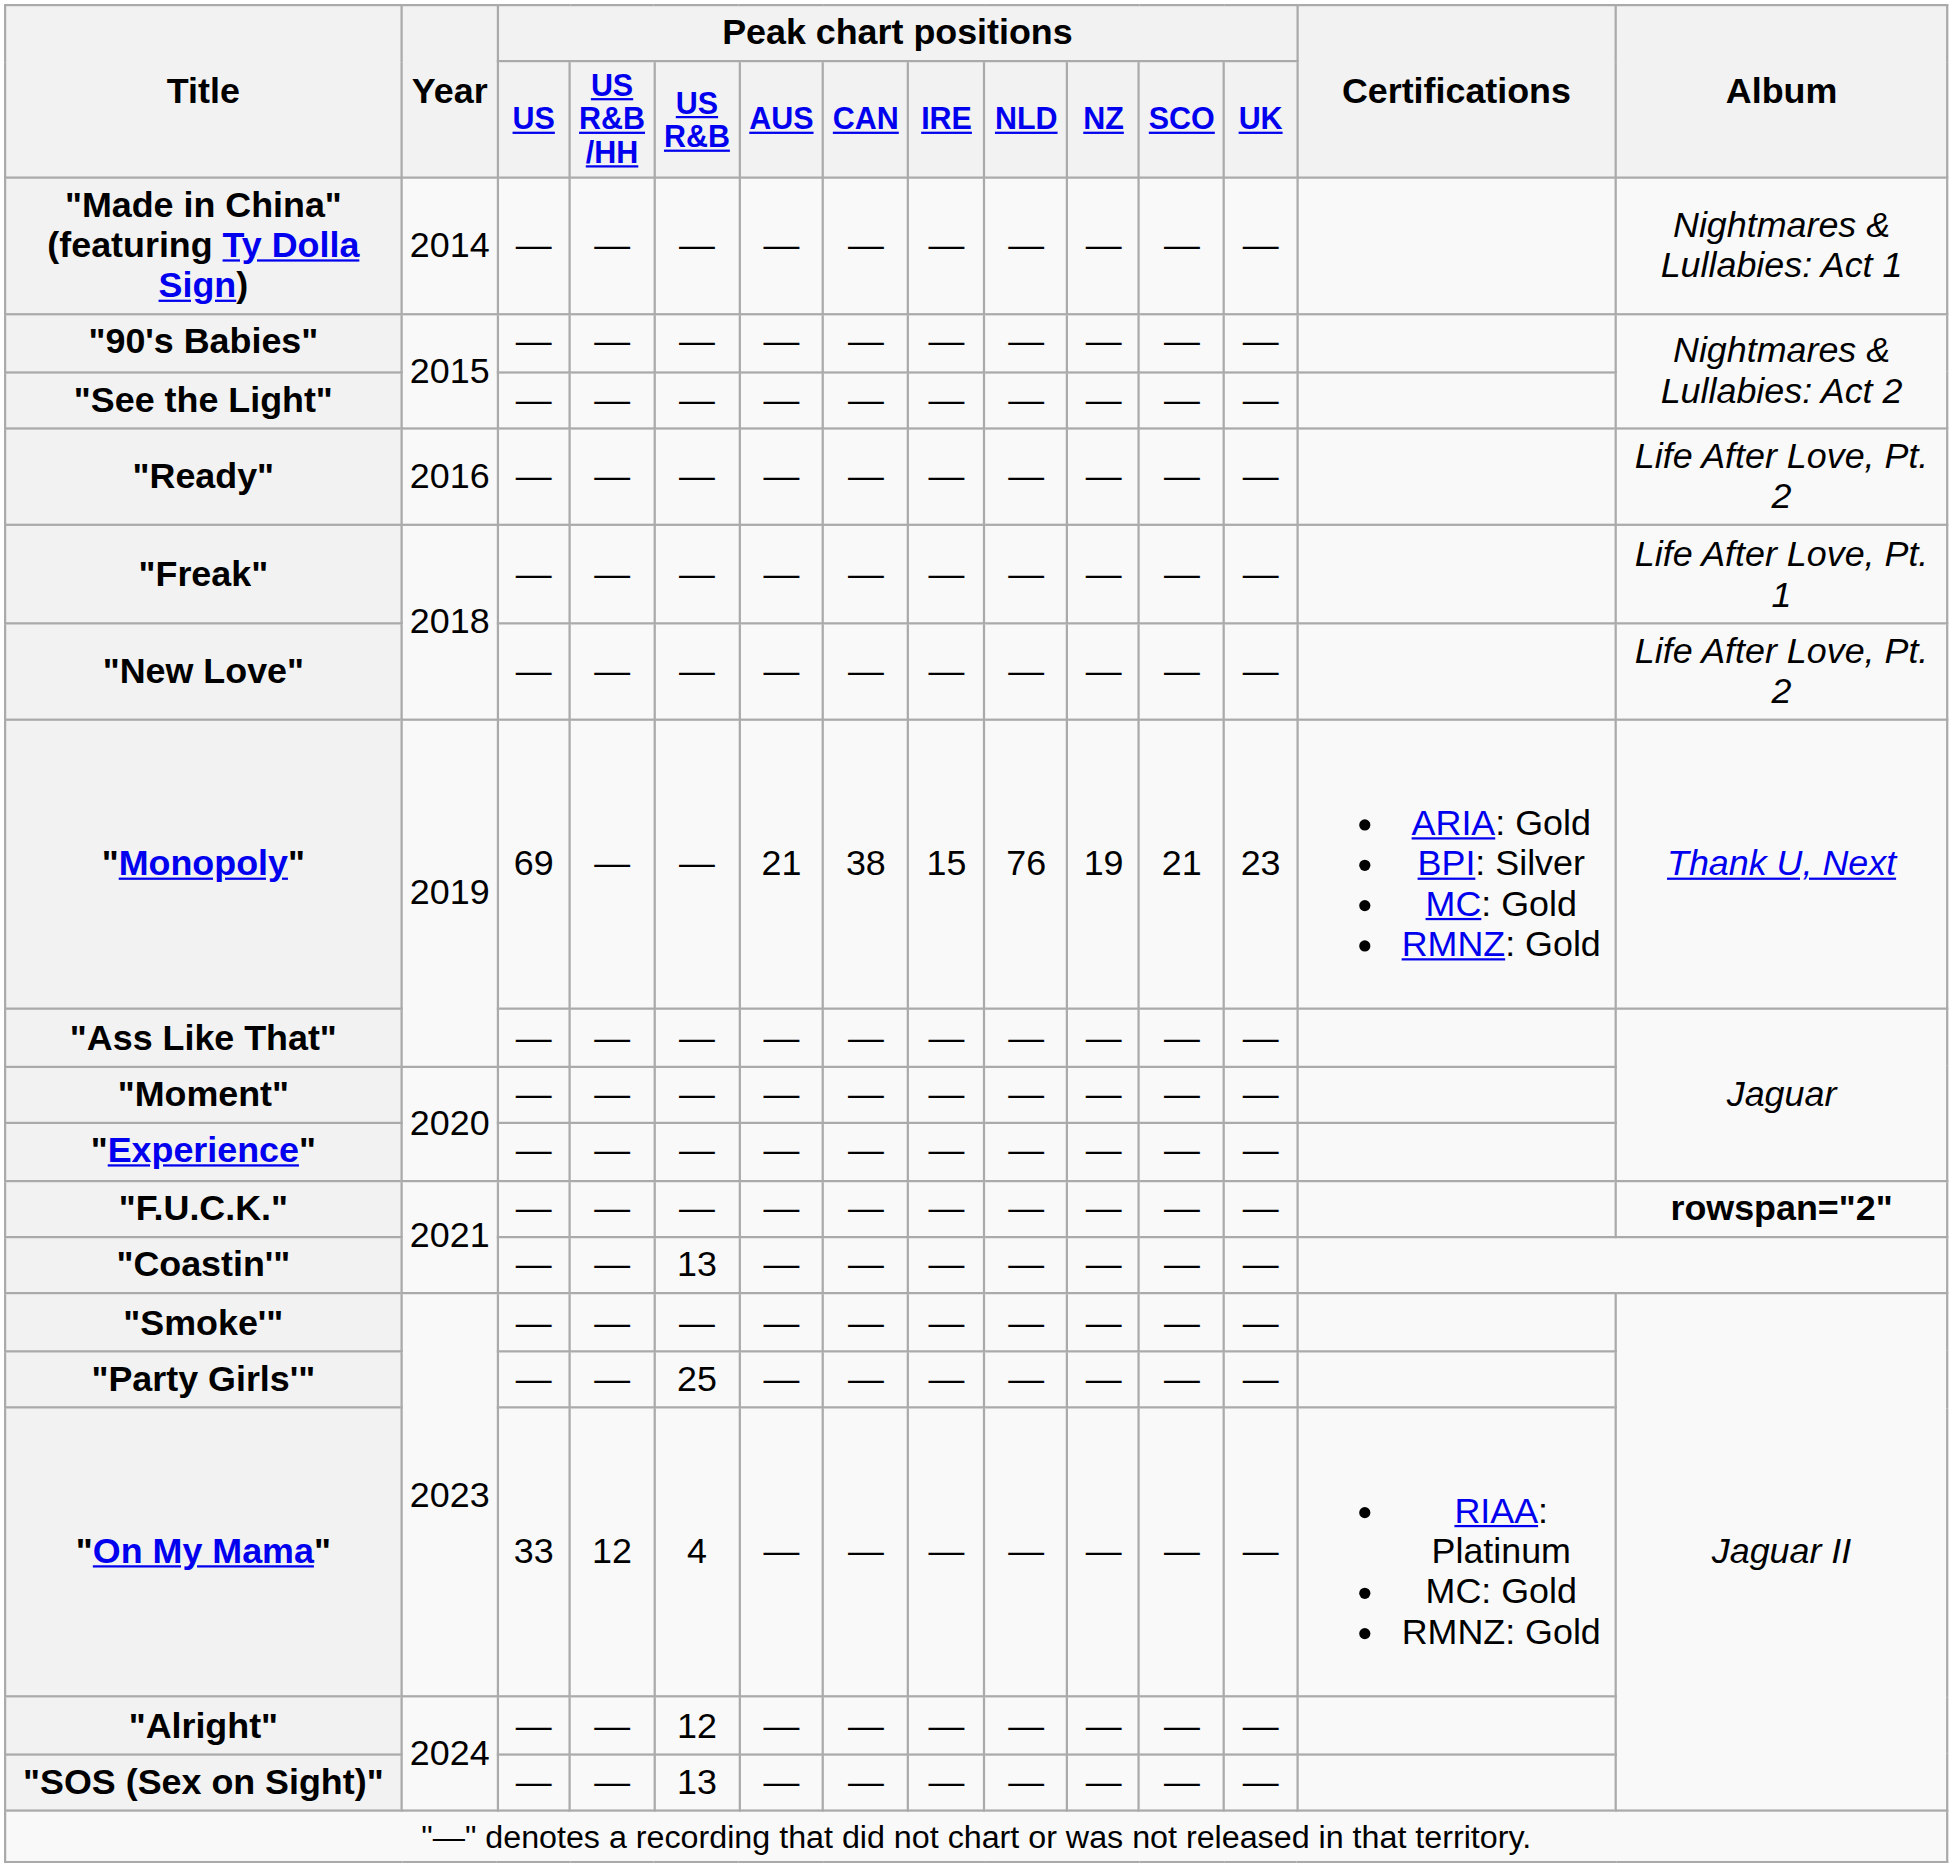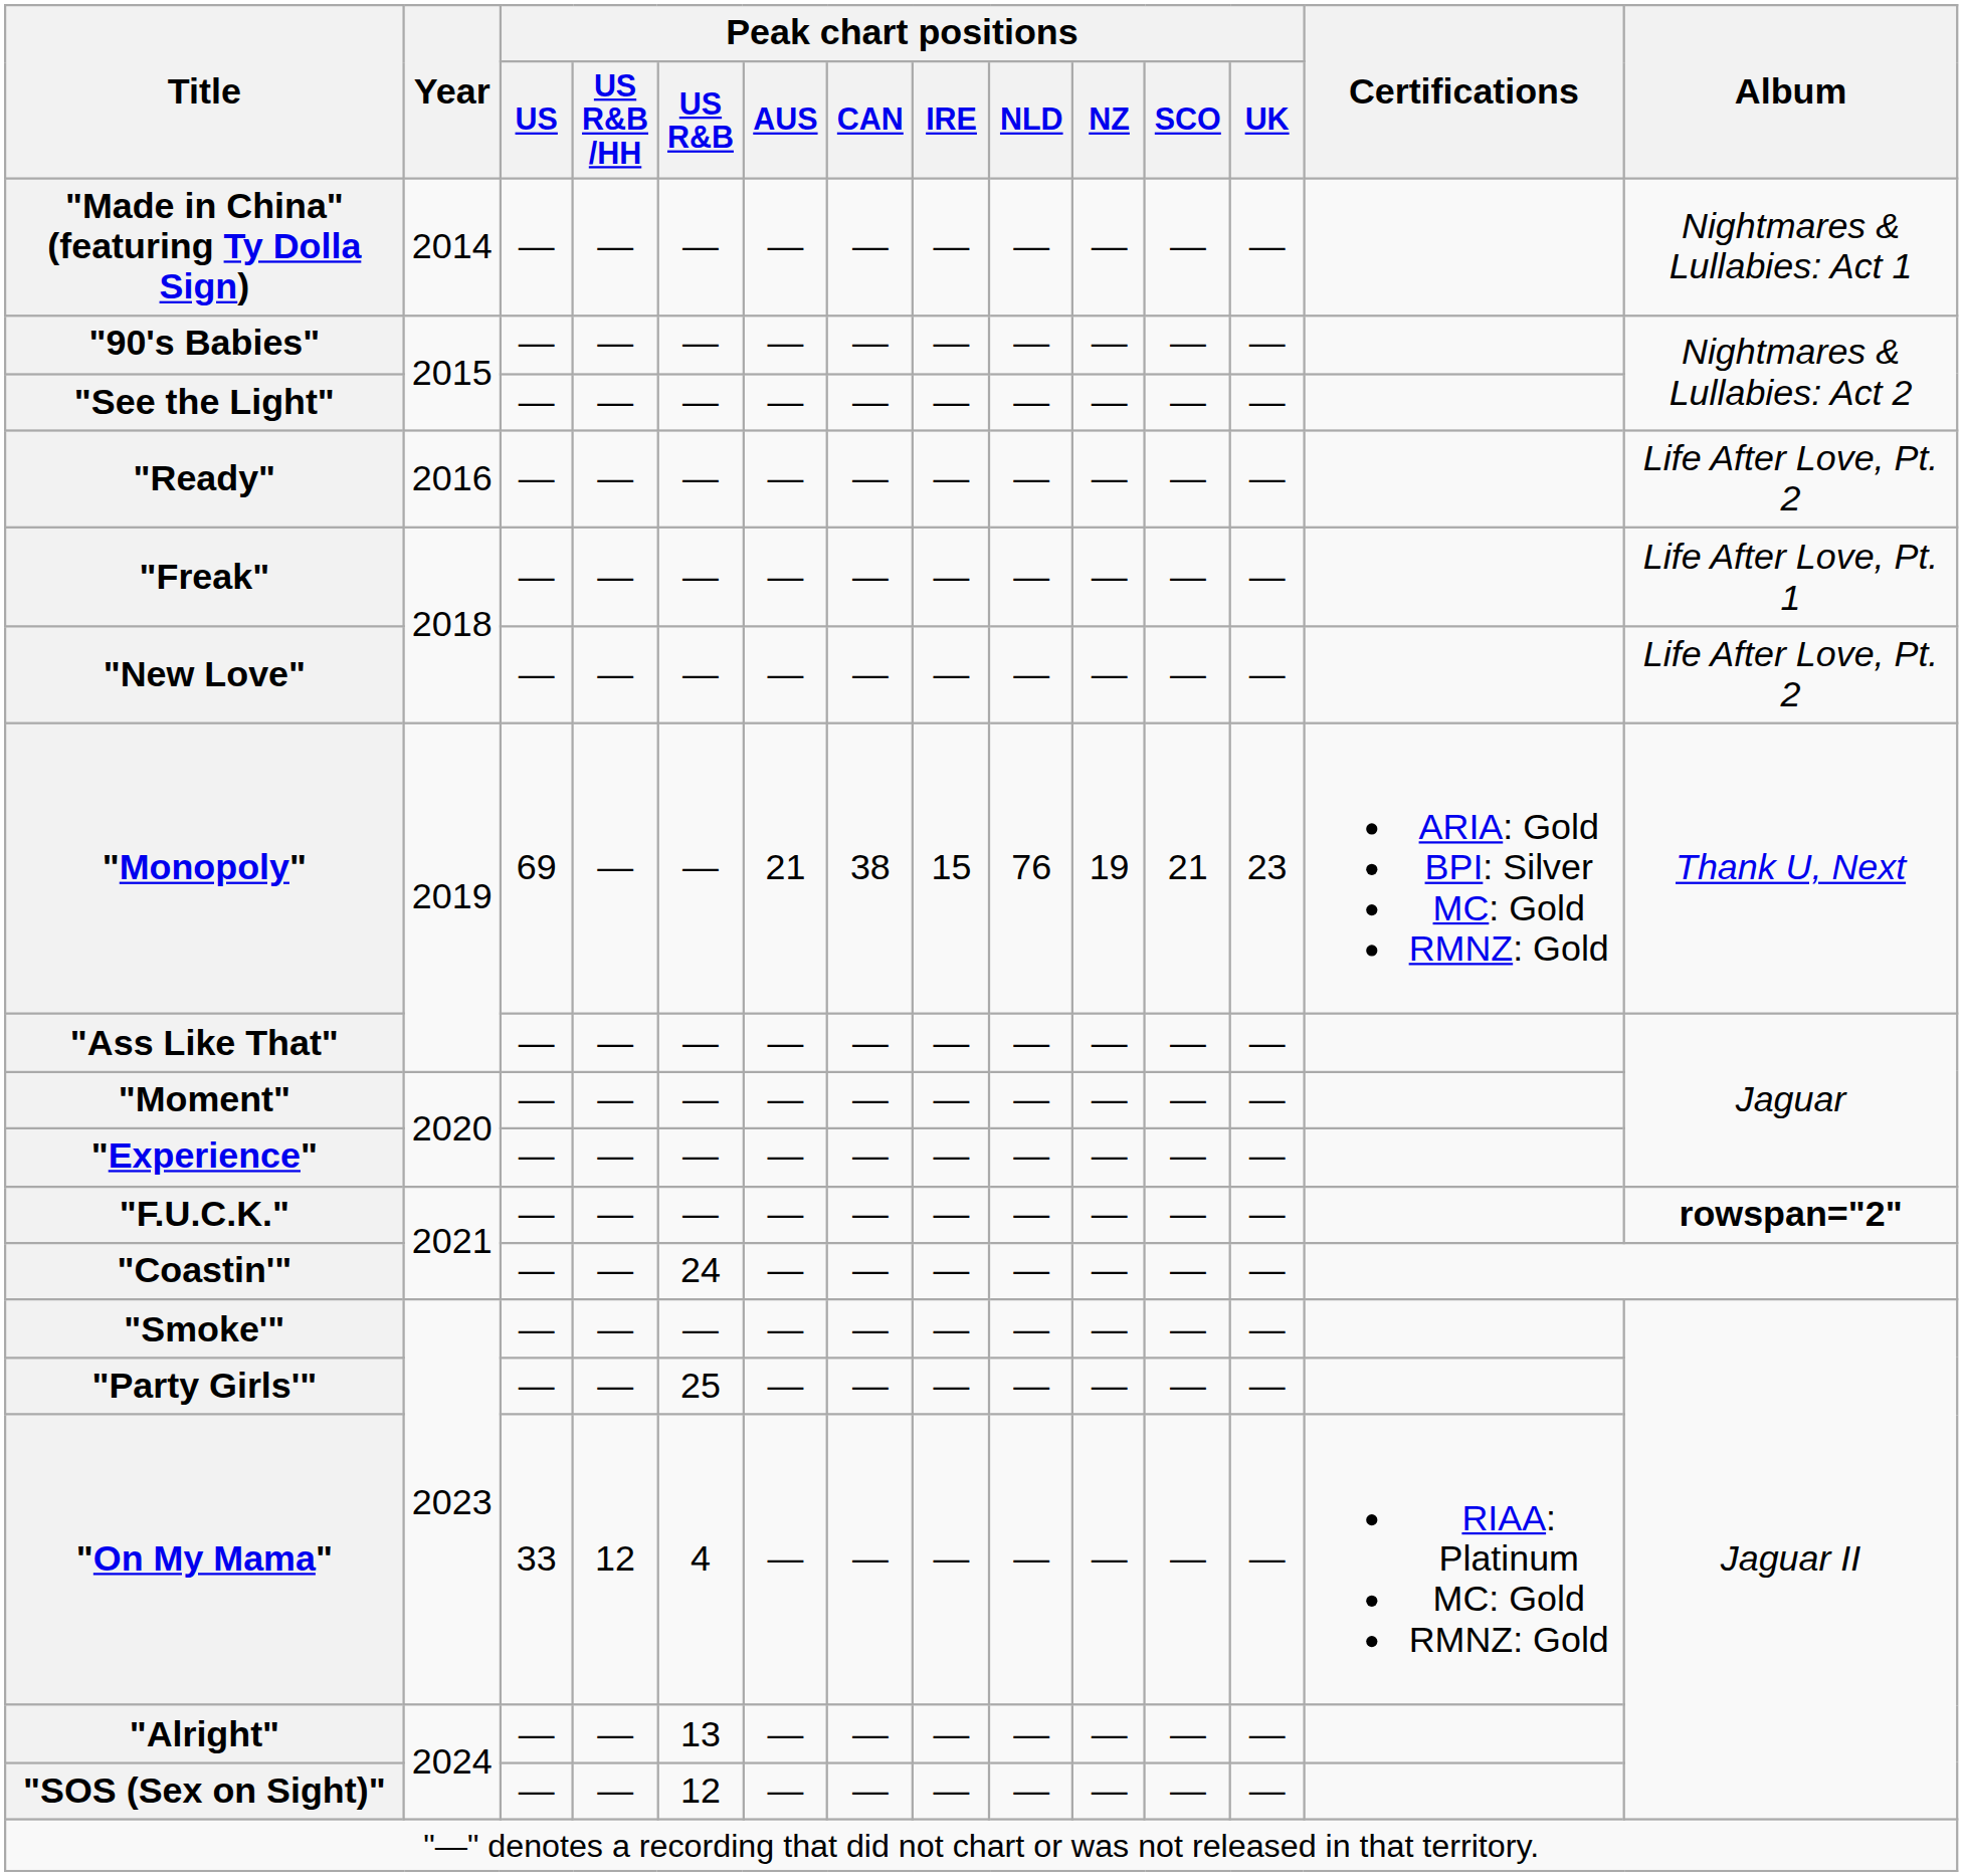 <table class="wikitable plainrowheaders" style="text-align:center;">
 <tr>
 <th scope="col" rowspan="2" style="width:16em;">Title</th>
 <th scope="col" rowspan="2">Year</th>
 <th scope="col" colspan="10">Peak chart positions</th>
 <th scope="col" rowspan="2" style="width:11em;">Certifications</th>
 <th scope="col" rowspan="2" style="width:12em;">Album</th>
 </tr>
 <tr>
 <th scope="col" style="width:2.5em;font-size:85%;"><a href='#'>US</a><br></th>
 <th scope="col" style="width:2.5em;font-size:85%;"><a href='#'>US<br>R&B<br>/HH</a><br></th>
 <th scope="col" style="width:2.5em;font-size:85%;"><a href='#'>US<br>R&B</a><br></th>
 <th scope="col" style="width:2.5em;font-size:85%;"><a href='#'>AUS</a><br></th>
 <th scope="col" style="width:2.5em;font-size:85%;"><a href='#'>CAN</a><br></th>
 <th scope="col" style="width:2.5em;font-size:85%;"><a href='#'>IRE</a><br></th>
 <th scope="col" style="width:2.5em;font-size:85%;"><a href='#'>NLD</a><br></th>
 <th scope="col" style="width:2.5em;font-size:85%;"><a href='#'>NZ</a><br></th>
 <th scope="col" style="width:2.5em;font-size:85%;"><a href='#'>SCO</a><br></th>
 <th scope="col" style="width:2.5em;font-size:85%;"><a href='#'>UK</a><br></th>
 </tr>
 <tr>
 <th scope="row">"Made in China"<br><span>(featuring <a href='#'>Ty Dolla Sign</a>)</span></th>
 <td>2014</td>
 <td>—</td>
 <td>—</td>
 <td>—</td>
 <td>—</td>
 <td>—</td>
 <td>—</td>
 <td>—</td>
 <td>—</td>
 <td>—</td>
 <td>—</td>
 <td></td>
 <td><em>Nightmares & Lullabies: Act 1</em></td>
 </tr>
 <tr>
 <th scope="row">"90's Babies"</th>
 <td rowspan="2">2015</td>
 <td>—</td>
 <td>—</td>
 <td>—</td>
 <td>—</td>
 <td>—</td>
 <td>—</td>
 <td>—</td>
 <td>—</td>
 <td>—</td>
 <td>—</td>
 <td></td>
 <td rowspan="2"><em>Nightmares & Lullabies: Act 2</em></td>
 </tr>
 <tr>
 <th scope="row">"See the Light"</th>
 <td>—</td>
 <td>—</td>
 <td>—</td>
 <td>—</td>
 <td>—</td>
 <td>—</td>
 <td>—</td>
 <td>—</td>
 <td>—</td>
 <td>—</td>
 </tr>
 <tr>
 <th scope="row">"Ready"</th>
 <td>2016</td>
 <td>—</td>
 <td>—</td>
 <td>—</td>
 <td>—</td>
 <td>—</td>
 <td>—</td>
 <td>—</td>
 <td>—</td>
 <td>—</td>
 <td>—</td>
 <td></td>
 <td><em>Life After Love, Pt. 2</em></td>
 </tr>
 <tr>
 <th scope="row">"Freak"<br></th>
 <td rowspan="2">2018</td>
 <td>—</td>
 <td>—</td>
 <td>—</td>
 <td>—</td>
 <td>—</td>
 <td>—</td>
 <td>—</td>
 <td>—</td>
 <td>—</td>
 <td>—</td>
 <td></td>
 <td><em>Life After Love, Pt. 1</em></td>
 </tr>
 <tr>
 <th scope="row">"New Love"</th>
 <td>—</td>
 <td>—</td>
 <td>—</td>
 <td>—</td>
 <td>—</td>
 <td>—</td>
 <td>—</td>
 <td>—</td>
 <td>—</td>
 <td>—</td>
 <td></td>
 <td><em>Life After Love, Pt. 2</em></td>
 </tr>
 <tr>
 <th scope="row">"<a href='#'>Monopoly</a>"<br></th>
 <td rowspan="2">2019</td>
 <td>69</td>
 <td>—</td>
 <td>—</td>
 <td>21</td>
 <td>38</td>
 <td>15</td>
 <td>76</td>
 <td>19</td>
 <td>21</td>
 <td>23</td>
 <td><br><ul><li><a href='#'>ARIA</a>: Gold</li><li><a href='#'>BPI</a>: Silver</li><li><a href='#'>MC</a>: Gold</li><li><a href='#'>RMNZ</a>: Gold</li></ul></td>
 <td><em><a href='#'>Thank U, Next</a></em></td>
 </tr>
 <tr>
 <th scope="row">"Ass Like That"</th>
 <td>—</td>
 <td>—</td>
 <td>—</td>
 <td>—</td>
 <td>—</td>
 <td>—</td>
 <td>—</td>
 <td>—</td>
 <td>—</td>
 <td>—</td>
 <td></td>
 <td rowspan="3"><em>Jaguar</em></td>
 </tr>
 <tr>
 <th scope="row">"Moment"</th>
 <td rowspan="2">2020</td>
 <td>—</td>
 <td>—</td>
 <td>—</td>
 <td>—</td>
 <td>—</td>
 <td>—</td>
 <td>—</td>
 <td>—</td>
 <td>—</td>
 <td>—</td>
 <td></td>
 </tr>
 <tr>
 <th scope="row">"<a href='#'>Experience</a>"<br></th>
 <td>—</td>
 <td>—</td>
 <td>—</td>
 <td>—</td>
 <td>—</td>
 <td>—</td>
 <td>—</td>
 <td>—</td>
 <td>—</td>
 <td>—</td>
 <td></td>
 </tr>
 <tr>
 <th scope="row">"F.U.C.K."</th>
 <td rowspan="2">2021</td>
 <td>—</td>
 <td>—</td>
 <td>—</td>
 <td>—</td>
 <td>—</td>
 <td>—</td>
 <td>—</td>
 <td>—</td>
 <td>—</td>
 <td>—</td>
 <td></td>
 <td><strong>rowspan="2" </strong></td>
 </tr>
 <tr>
 <th scope="row">"Coastin'"</th>
 <td>—</td>
 <td>—</td>
-<td>13</td>
+<td>24</td>
 <td>—</td>
 <td>—</td>
 <td>—</td>
 <td>—</td>
 <td>—</td>
 <td>—</td>
 <td>—</td>
 </tr>
 <tr>
 <th scope="row">"Smoke'"<br></th>
 <td rowspan="3">2023</td>
 <td>—</td>
 <td>—</td>
 <td>—</td>
 <td>—</td>
 <td>—</td>
 <td>—</td>
 <td>—</td>
 <td>—</td>
 <td>—</td>
 <td>—</td>
 <td></td>
 <td rowspan="5"><em>Jaguar II</em></td>
 </tr>
 <tr>
 <th scope="row">"Party Girls'" <br></th>
 <td>—</td>
 <td>—</td>
 <td>25</td>
 <td>—</td>
 <td>—</td>
 <td>—</td>
 <td>—</td>
 <td>—</td>
 <td>—</td>
 <td>—</td>
 <td></td>
 </tr>
 <tr>
 <th scope="row">"<a href='#'>On My Mama</a>"</th>
 <td>33</td>
 <td>12</td>
 <td>4</td>
 <td>—</td>
 <td>—</td>
 <td>—</td>
 <td>—</td>
 <td>—</td>
 <td>—</td>
 <td>—</td>
 <td><br><ul><li><a href='#'>RIAA</a>: Platinum</li><li>MC: Gold</li><li>RMNZ: Gold</li></ul></td>
 </tr>
 <tr>
 <th scope="row">"Alright"</th>
 <td rowspan="2">2024</td>
 <td>—</td>
 <td>—</td>
-<td>12</td>
+<td>13</td>
 <td>—</td>
 <td>—</td>
 <td>—</td>
 <td>—</td>
 <td>—</td>
 <td>—</td>
 <td>—</td>
 <td></td>
 </tr>
 <tr>
 <th scope="row">"SOS (Sex on Sight)"<br></th>
 <td>—</td>
 <td>—</td>
-<td>13</td>
+<td>12</td>
 <td>—</td>
 <td>—</td>
 <td>—</td>
 <td>—</td>
 <td>—</td>
 <td>—</td>
 <td>—</td>
 <td></td>
 </tr>
 <tr>
 <td colspan="14" style="font-size:90%;">"—" denotes a recording that did not chart or was not released in that territory.</td>
 </tr>
 </table>
